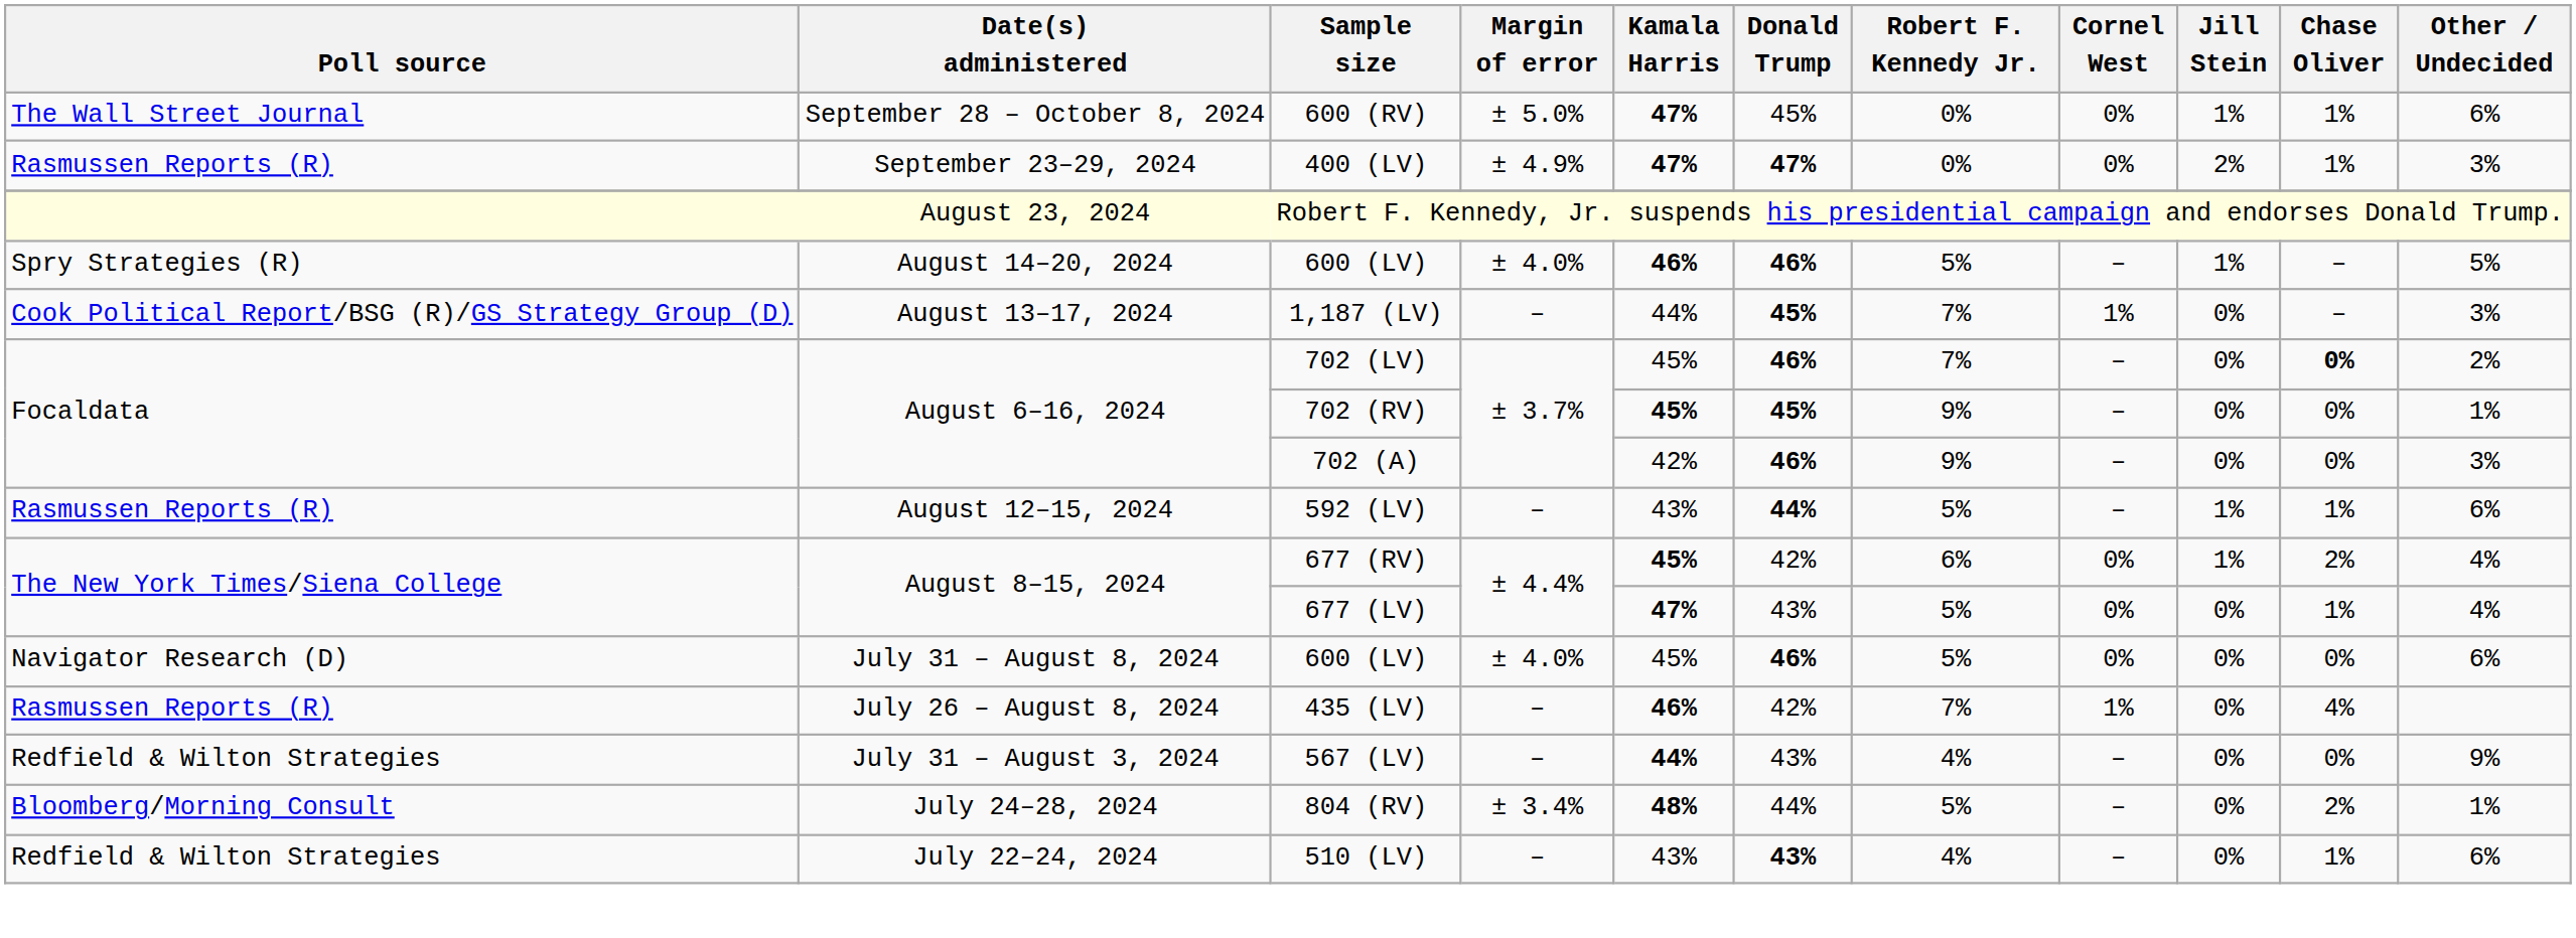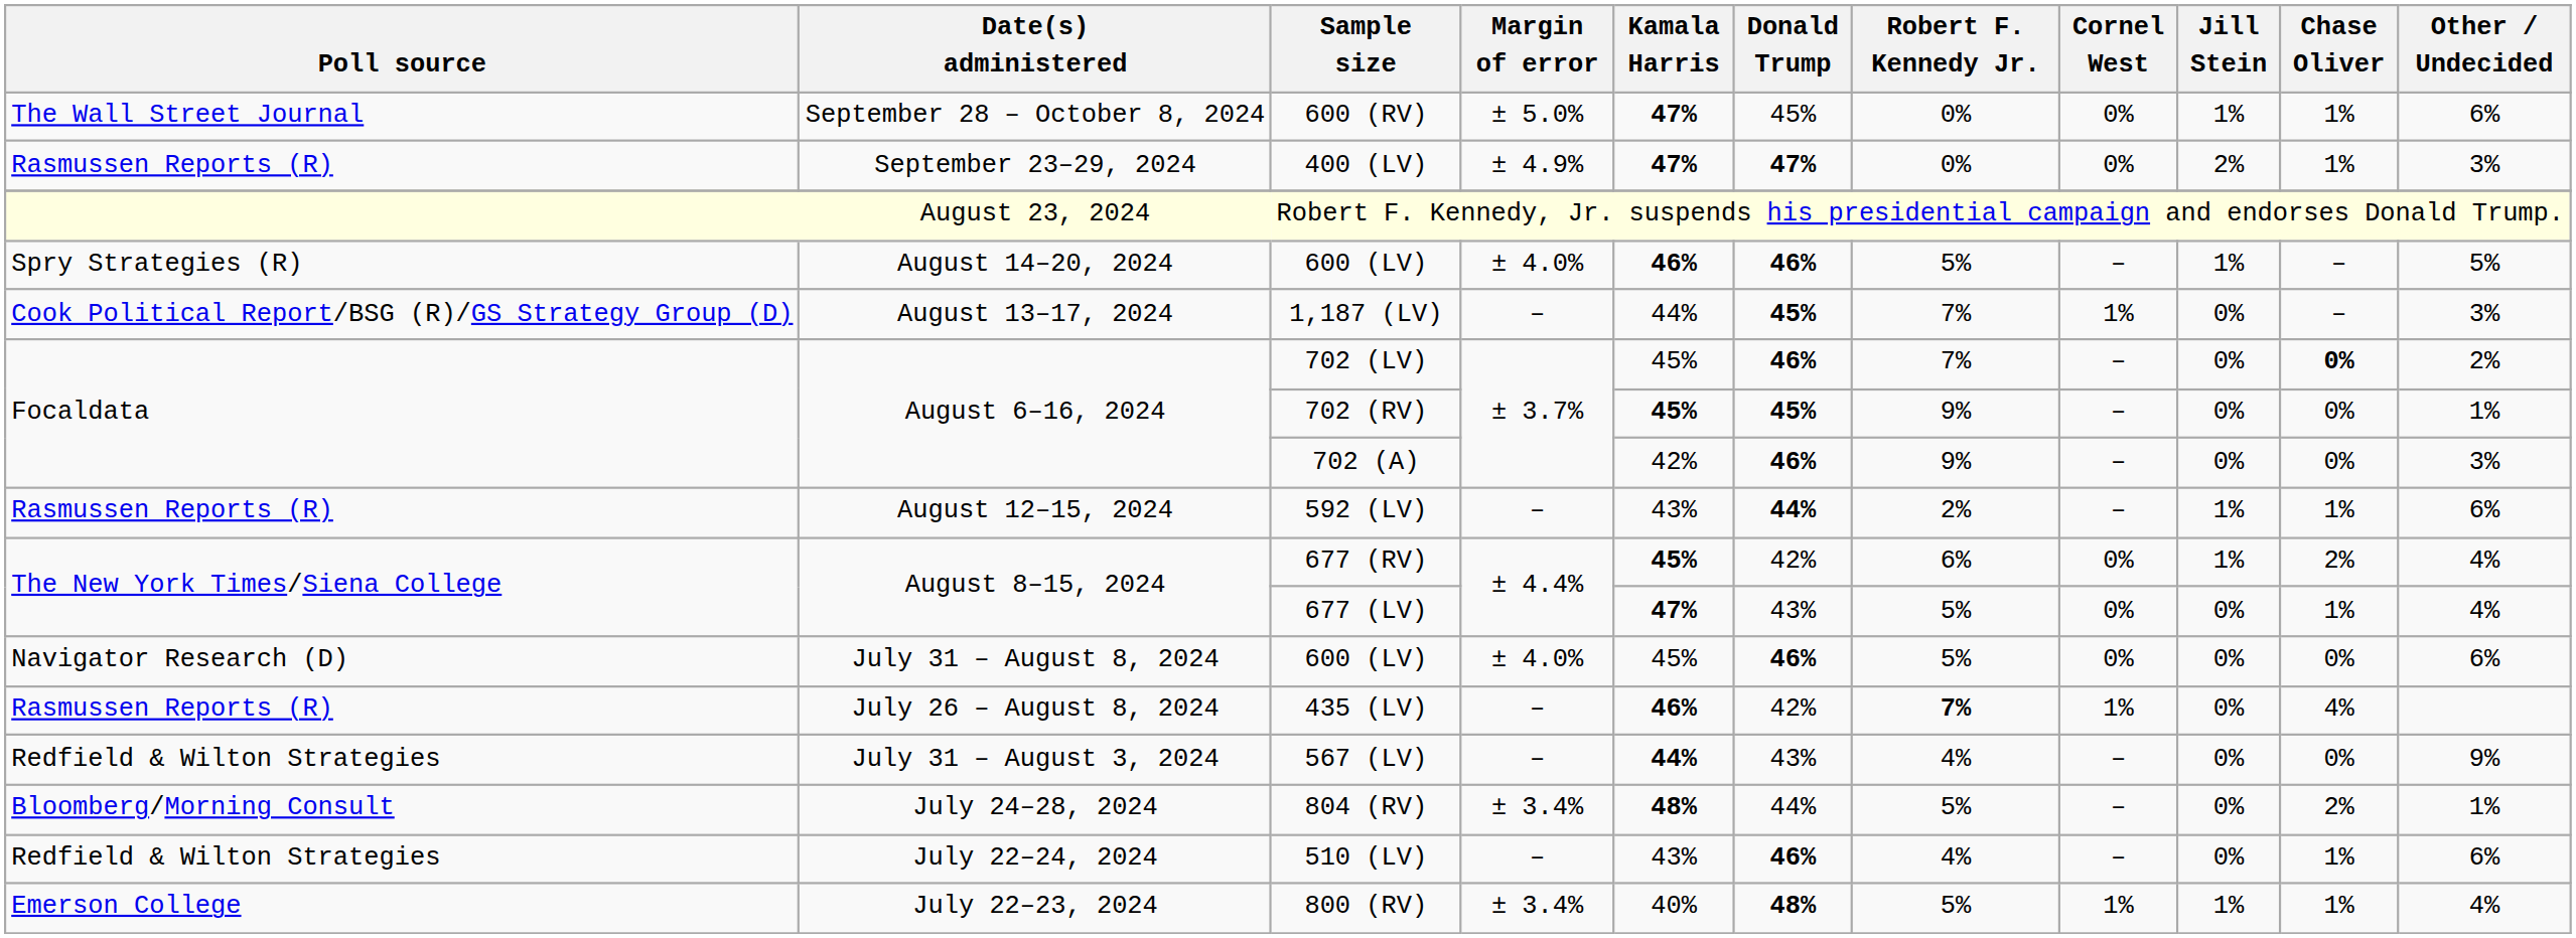 <table class="wikitable sortable mw-datatable" style="font-size:90%;text-align:center;line-height:17px">
 <tr valign=bottom>
 <th>Poll source</th>
 <th>Date(s)<br>administered</th>
 <th>Sample<br>size</th>
 <th>Margin<br>of error</th>
 <th class="unsortable">Kamala<br>Harris<br></th>
 <th class="unsortable">Donald<br>Trump<br></th>
 <th class="unsortable">Robert F.<br>Kennedy Jr.<br></th>
 <th class="unsortable">Cornel<br>West<br></th>
 <th class="unsortable">Jill<br>Stein<br></th>
 <th class="unsortable">Chase<br>Oliver<br></th>
 <th class="unsortable">Other /<br>Undecided</th>
 </tr>
 <tr>
 <td style="text-align:left;"><a href='#'>The Wall Street Journal</a></td>
 <td data-sort-value="2024-10-08">September 28 – October 8, 2024</td>
 <td>600 (RV)</td>
 <td>± 5.0%</td>
 <td style="color:black;background-color:"><strong>47%</strong></td>
 <td>45%</td>
 <td>0%</td>
 <td>0%</td>
 <td>1%</td>
 <td>1%</td>
 <td>6%</td>
 </tr>
 <tr>
 <td style="text-align:left;"><a href='#'>Rasmussen Reports (R)</a></td>
 <td data-sort-value="2024-09-29">September 23–29, 2024</td>
 <td>400 (LV)</td>
 <td>± 4.9%</td>
 <td><strong>47%</strong></td>
 <td><strong>47%</strong></td>
 <td>0%</td>
 <td>0%</td>
 <td>2%</td>
 <td>1%</td>
 <td>3%</td>
 </tr>
 <tr>
 </tr>
 <tr style="background:lightyellow;">
 <td style="border-right-style:hidden; background:lightyellow;"></td>
 <td style="border-right-style:hidden; " data-sort-value="2024-07-21">August 23, 2024</td>
 <td colspan="9">Robert F. Kennedy, Jr. suspends <a href='#'>his presidential campaign</a> and endorses Donald Trump.</td>
 </tr>
 <tr>
 <td style="text-align:left;">Spry Strategies (R)</td>
 <td data-sort-value="2024-08-20">August 14–20, 2024</td>
 <td>600 (LV)</td>
 <td>± 4.0%</td>
 <td><strong>46%</strong></td>
 <td><strong>46%</strong></td>
 <td>5%</td>
 <td>–</td>
 <td>1%</td>
 <td>–</td>
 <td>5%</td>
 </tr>
 <tr>
 <td style="text-align:left;"><a href='#'>Cook Political Report</a>/BSG (R)/<a href='#'>GS Strategy Group (D)</a></td>
 <td data-sort-value="2024-08-17">August 13–17, 2024</td>
 <td>1,187 (LV)</td>
 <td>–</td>
 <td>44%</td>
 <td style="background-color:"><strong>45%</strong></td>
 <td>7%</td>
 <td>1%</td>
 <td>0%</td>
 <td>–</td>
 <td>3%</td>
 </tr>
 <tr>
 <td style="text-align:left;" rowspan="3">Focaldata</td>
 <td rowspan="3">August 6–16, 2024</td>
 <td>702 (LV)</td>
 <td rowspan="3">± 3.7%</td>
 <td>45%</td>
 <td style="background-color:"><strong>46%</strong></td>
 <td>7%</td>
 <td>–</td>
 <td>0%</td>
 <td><strong>0%</strong></td>
 <td>2%</td>
 </tr>
 <tr>
 <td>702 (RV)</td>
 <td><strong>45%</strong></td>
 <td><strong>45%</strong></td>
 <td>9%</td>
 <td>–</td>
 <td>0%</td>
 <td>0%</td>
 <td>1%</td>
 </tr>
 <tr>
 <td>702 (A)</td>
 <td>42%</td>
 <td style="background-color:"><strong>46%</strong></td>
 <td>9%</td>
 <td>–</td>
 <td>0%</td>
 <td>0%</td>
 <td>3%</td>
 </tr>
 <tr>
 <td style="text-align:left;"><a href='#'>Rasmussen Reports (R)</a></td>
 <td data-sort-value="2024-08-15">August 12–15, 2024</td>
 <td>592 (LV)</td>
 <td>–</td>
 <td>43%</td>
 <td style="background-color:"><strong>44%</strong></td>
-<td>5%</td>
+<td>2%</td>
 <td>–</td>
 <td>1%</td>
 <td>1%</td>
 <td>6%</td>
 </tr>
 <tr>
 <td style="text-align:left;" rowspan="2"><a href='#'>The New York Times</a>/<a href='#'>Siena College</a></td>
 <td rowspan="2">August 8–15, 2024</td>
 <td>677 (RV)</td>
 <td rowspan="2">± 4.4%</td>
 <td style="color:black;background-color:"><strong>45%</strong></td>
 <td>42%</td>
 <td>6%</td>
 <td>0%</td>
 <td>1%</td>
 <td>2%</td>
 <td>4%</td>
 </tr>
 <tr>
 <td>677 (LV)</td>
 <td style="color:black;background-color:"><strong>47%</strong></td>
 <td>43%</td>
 <td>5%</td>
 <td>0%</td>
 <td>0%</td>
 <td>1%</td>
 <td>4%</td>
 </tr>
 <tr>
 <td style="text-align:left;">Navigator Research (D)</td>
 <td data-sort-value="2024-08-08">July 31 – August 8, 2024</td>
 <td>600 (LV)</td>
 <td>± 4.0%</td>
 <td>45%</td>
 <td style="background-color:"><strong>46%</strong></td>
 <td>5%</td>
 <td>0%</td>
 <td>0%</td>
 <td>0%</td>
 <td>6%</td>
 </tr>
 <tr>
 <td style="text-align:left;"><a href='#'>Rasmussen Reports (R)</a></td>
 <td data-sort-value="2024-08-08">July 26 – August 8, 2024</td>
 <td>435 (LV)</td>
 <td>–</td>
 <td style="color:black;background-color:"><strong>46%</strong></td>
 <td>42%</td>
-<td>7%</td>
+<td><strong>7%</strong></td>
 <td>1%</td>
 <td>0%</td>
 <td>4%</td>
 </tr>
 <tr>
 <td style="text-align:left;">Redfield & Wilton Strategies</td>
 <td data-sort-value="2024-08-03">July 31 – August 3, 2024</td>
 <td>567 (LV)</td>
 <td>–</td>
 <td style="color:black;background-color:"><strong>44%</strong></td>
 <td>43%</td>
 <td>4%</td>
 <td>–</td>
 <td>0%</td>
 <td>0%</td>
 <td>9%</td>
 </tr>
 <tr>
 <td style="text-align:left;"><a href='#'>Bloomberg</a>/<a href='#'>Morning Consult</a></td>
 <td data-sort-value="2024-07-30">July 24–28, 2024</td>
 <td>804 (RV)</td>
 <td>± 3.4%</td>
 <td style="color:black;background-color:"><strong>48%</strong></td>
 <td>44%</td>
 <td>5%</td>
 <td>–</td>
 <td>0%</td>
 <td>2%</td>
 <td>1%</td>
 </tr>
 <tr>
 <td style="text-align:left;">Redfield & Wilton Strategies</td>
 <td data-sort-value="2024-07-26">July 22–24, 2024</td>
 <td>510 (LV)</td>
 <td>–</td>
 <td>43%</td>
-<td style="background-color:"><strong>43%</strong></td>
+<td style="background-color:"><strong>46%</strong></td>
 <td>4%</td>
 <td>–</td>
 <td>0%</td>
 <td>1%</td>
 <td>6%</td>
 </tr>
+<tr>
+<td style="text-align:left;"><a href='#'>Emerson College</a></td>
+<td data-sort-value="2024-07-25">July 22–23, 2024</td>
+<td>800 (RV)</td>
+<td>± 3.4%</td>
+<td>40%</td>
+<td style="background-color:"><strong>48%</strong></td>
+<td>5%</td>
+<td>1%</td>
+<td>1%</td>
+<td>1%</td>
+<td>4%</td>
+</tr>
 </table>
